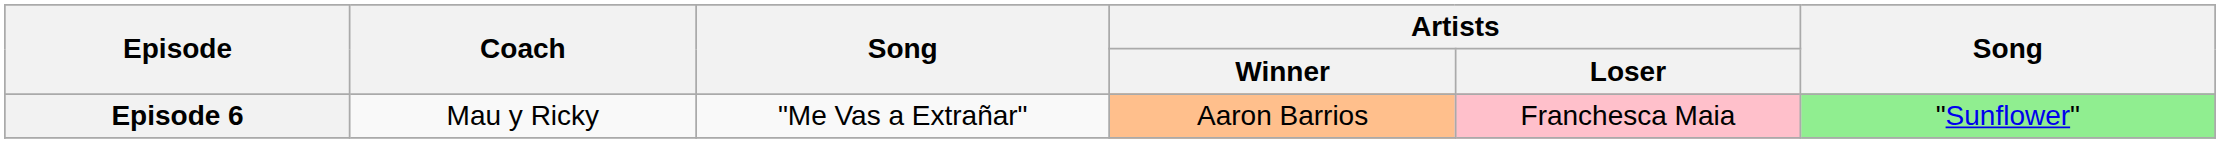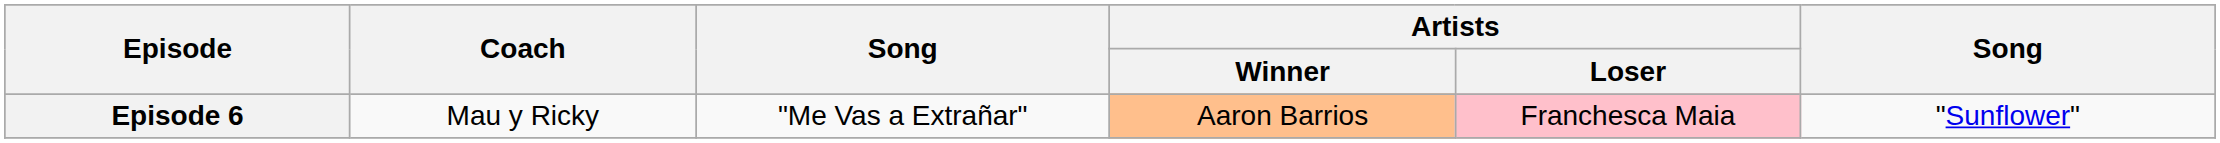 <table class="wikitable" style="text-align: center; width:100%;">
 <tr>
 <th rowspan="2" style="width:15%;">Episode</th>
 <th rowspan="2" style="width:15%;">Coach</th>
 <th rowspan="2" style="width:18%;">Song</th>
 <th colspan="2" style="width:30%;">Artists</th>
 <th rowspan="2" style="width:18%;">Song</th>
 </tr>
 <tr>
 <th style="width:15%;">Winner</th>
 <th style="width:15%;">Loser</th>
 </tr>
 <tr>
 <th>Episode 6<br><small></small></th>
 <td>Mau y Ricky</td>
 <td>"Me Vas a Extrañar"</td>
 <td style="background:#ffbf8c;">Aaron Barrios</td>
 <td style="background:pink;">Franchesca Maia</td>
-<td style="background: lightgreen;">"<a href='#'>Sunflower</a>"</td>
+<td>"<a href='#'>Sunflower</a>"</td>
 </tr>
 </table>
